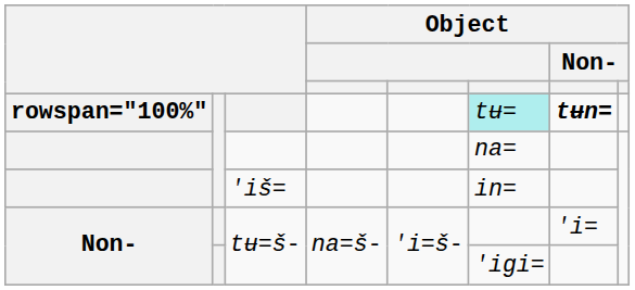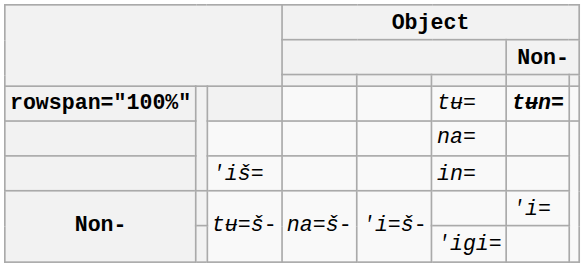 <table class="wikitable">
 <tr>
 <th colspan=3 rowspan=3></th>
 <th colspan="100%">Object</th>
 </tr>
 <tr>
 <th colspan="3"></th>
 <th colspan="2">Non-</th>
 </tr>
 <tr>
 <th></th>
 <th></th>
 <th></th>
 <th></th>
 <th></th>
 </tr>
 <tr>
 <th>rowspan="100%" </th>
 <th rowspan="3"></th>
 <th></th>
 <td></td>
 <td></td>
-<td style="background: paleturquoise;"><em>tʉ</em>=</td>
+<td><em>tʉ</em>=</td>
 <td><strong><em>tʉn</em>=</strong></td>
 <td></td>
 </tr>
 <tr>
 <th></th>
 <td></td>
 <td></td>
 <td></td>
 <td><em>na</em>=</td>
 <td></td>
 </tr>
 <tr>
 <th></th>
 <td><em>ꞌiš</em>=</td>
 <td></td>
 <td></td>
 <td><em>in</em>=</td>
 <td></td>
 </tr>
 <tr>
 <th rowspan="2">Non-</th>
 <th></th>
 <td rowspan="2"><em>tʉ=š</em>-</td>
 <td rowspan="2"><em>na=š</em>-</td>
 <td rowspan="2"><em>ꞌi=š</em>-</td>
 <td></td>
 <td><em>ꞌi</em>=</td>
 </tr>
 <tr>
 <th></th>
 <td><em>ꞌigi</em>=</td>
 <td></td>
 </tr>
 </table>
